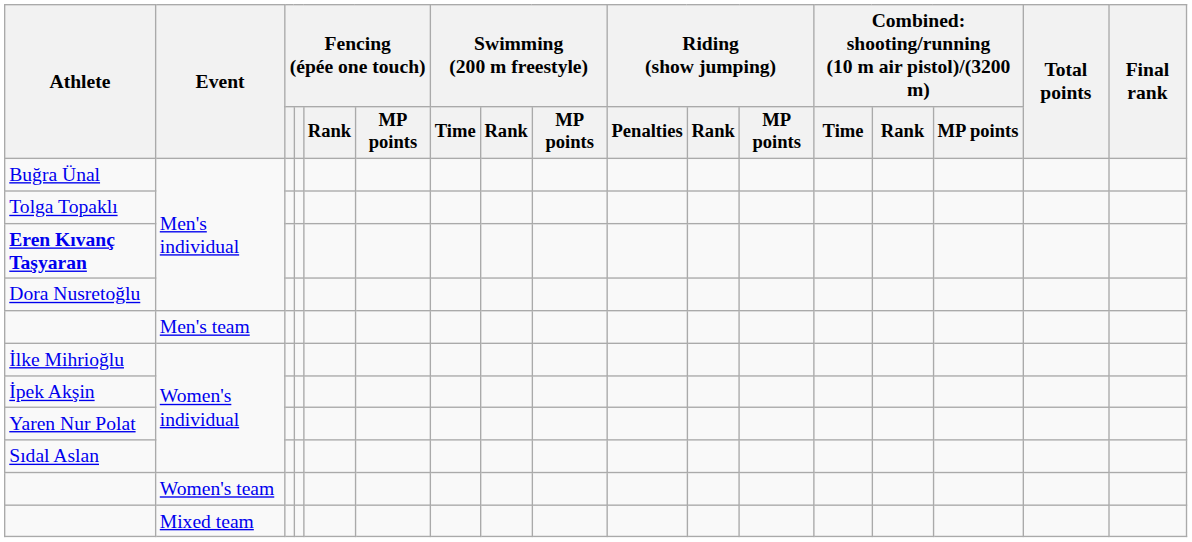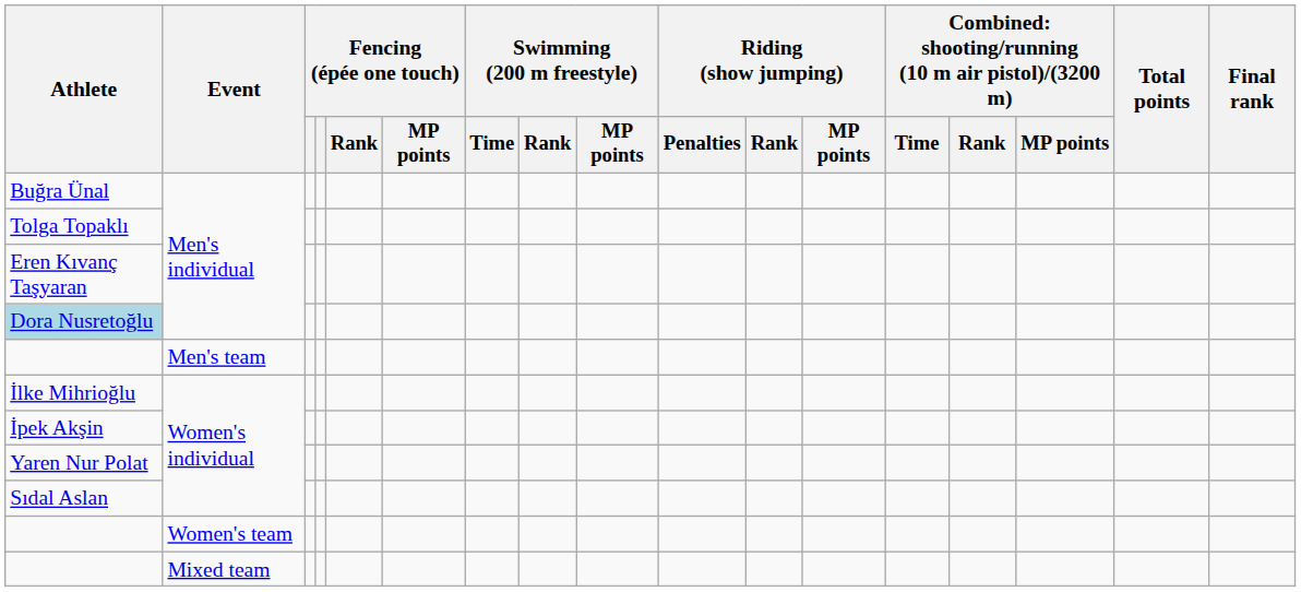 <table class="wikitable" style="font-size:90%">
 <tr>
 <th rowspan="2">Athlete</th>
 <th rowspan="2">Event</th>
 <th colspan=4>Fencing<br><span>(épée one touch)</span></th>
 <th colspan=3>Swimming<br><span>(200 m freestyle)</span></th>
 <th colspan=3>Riding<br><span>(show jumping)</span></th>
 <th colspan=3>Combined: shooting/running<br><span>(10 m air pistol)/(3200 m)</span></th>
 <th rowspan=2>Total points</th>
 <th rowspan=2>Final rank</th>
 </tr>
 <tr style="font-size:95%">
 <th></th>
 <th></th>
 <th>Rank</th>
 <th>MP points</th>
 <th>Time</th>
 <th>Rank</th>
 <th>MP points</th>
 <th>Penalties</th>
 <th>Rank</th>
 <th>MP points</th>
 <th>Time</th>
 <th>Rank</th>
 <th>MP points</th>
 </tr>
 <tr align=center>
 <td align=left><a href='#'>Buğra Ünal</a></td>
 <td align=left rowspan="4"><a href='#'>Men's individual</a></td>
 <td></td>
 <td></td>
 <td></td>
 <td></td>
 <td></td>
 <td></td>
 <td></td>
 <td></td>
 <td></td>
 <td></td>
 <td></td>
 <td></td>
 <td></td>
 <td></td>
 <td></td>
 </tr>
 <tr align=center>
 <td align=left><a href='#'>Tolga Topaklı</a></td>
 <td></td>
 <td></td>
 <td></td>
 <td></td>
 <td></td>
 <td></td>
 <td></td>
 <td></td>
 <td></td>
 <td></td>
 <td></td>
 <td></td>
 <td></td>
 <td></td>
 <td></td>
 </tr>
 <tr align=center>
-<td align=left><strong><a href='#'>Eren Kıvanç Taşyaran</a></strong></td>
+<td align=left><a href='#'>Eren Kıvanç Taşyaran</a></td>
 <td></td>
 <td></td>
 <td></td>
 <td></td>
 <td></td>
 <td></td>
 <td></td>
 <td></td>
 <td></td>
 <td></td>
 <td></td>
 <td></td>
 <td></td>
 <td></td>
 <td></td>
 </tr>
 <tr align=center>
-<td align=left><a href='#'>Dora Nusretoğlu</a></td>
+<td align=left style="background: lightblue;"><a href='#'>Dora Nusretoğlu</a></td>
 <td></td>
 <td></td>
 <td></td>
 <td></td>
 <td></td>
 <td></td>
 <td></td>
 <td></td>
 <td></td>
 <td></td>
 <td></td>
 <td></td>
 <td></td>
 <td></td>
 <td></td>
 </tr>
 <tr align=center>
 <td align=left></td>
 <td align=left><a href='#'>Men's team</a></td>
 <td></td>
 <td></td>
 <td></td>
 <td></td>
 <td></td>
 <td></td>
 <td></td>
 <td></td>
 <td></td>
 <td></td>
 <td></td>
 <td></td>
 <td></td>
 <td></td>
 <td></td>
 </tr>
 <tr align=center>
 <td align=left><a href='#'>İlke Mihrioğlu</a></td>
 <td align=left rowspan="4"><a href='#'>Women's individual</a></td>
 <td></td>
 <td></td>
 <td></td>
 <td></td>
 <td></td>
 <td></td>
 <td></td>
 <td></td>
 <td></td>
 <td></td>
 <td></td>
 <td></td>
 <td></td>
 <td></td>
 <td></td>
 </tr>
 <tr align=center>
 <td align=left><a href='#'>İpek Akşin</a></td>
 <td></td>
 <td></td>
 <td></td>
 <td></td>
 <td></td>
 <td></td>
 <td></td>
 <td></td>
 <td></td>
 <td></td>
 <td></td>
 <td></td>
 <td></td>
 <td></td>
 <td></td>
 </tr>
 <tr align=center>
 <td align=left><a href='#'>Yaren Nur Polat</a></td>
 <td></td>
 <td></td>
 <td></td>
 <td></td>
 <td></td>
 <td></td>
 <td></td>
 <td></td>
 <td></td>
 <td></td>
 <td></td>
 <td></td>
 <td></td>
 <td></td>
 <td></td>
 </tr>
 <tr align=center>
 <td align=left><a href='#'>Sıdal Aslan</a></td>
 <td></td>
 <td></td>
 <td></td>
 <td></td>
 <td></td>
 <td></td>
 <td></td>
 <td></td>
 <td></td>
 <td></td>
 <td></td>
 <td></td>
 <td></td>
 <td></td>
 <td></td>
 </tr>
 <tr align=center>
 <td align=left></td>
 <td align=left><a href='#'>Women's team</a></td>
 <td></td>
 <td></td>
 <td></td>
 <td></td>
 <td></td>
 <td></td>
 <td></td>
 <td></td>
 <td></td>
 <td></td>
 <td></td>
 <td></td>
 <td></td>
 <td></td>
 <td></td>
 </tr>
 <tr align=center>
 <td align=left></td>
 <td align=left><a href='#'>Mixed team</a></td>
 <td></td>
 <td></td>
 <td></td>
 <td></td>
 <td></td>
 <td></td>
 <td></td>
 <td></td>
 <td></td>
 <td></td>
 <td></td>
 <td></td>
 <td></td>
 <td></td>
 <td></td>
 </tr>
 </table>
